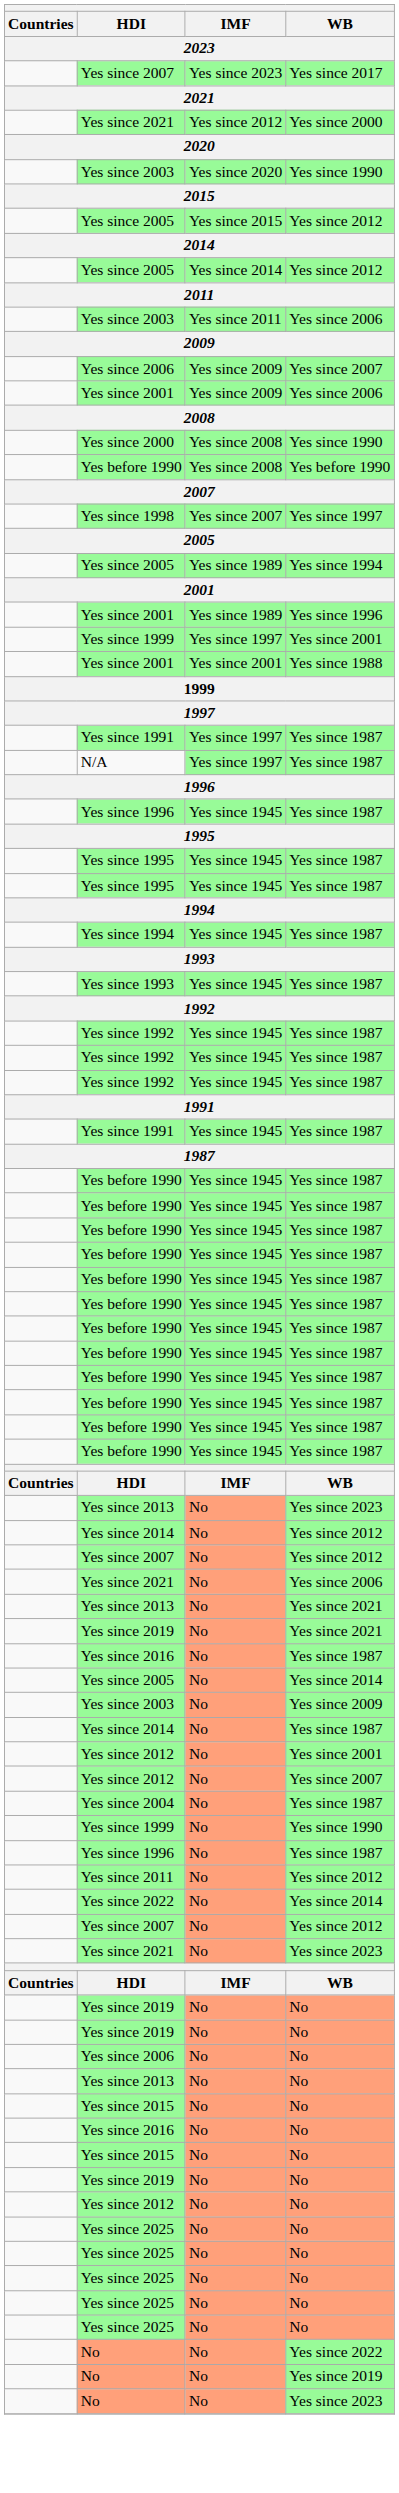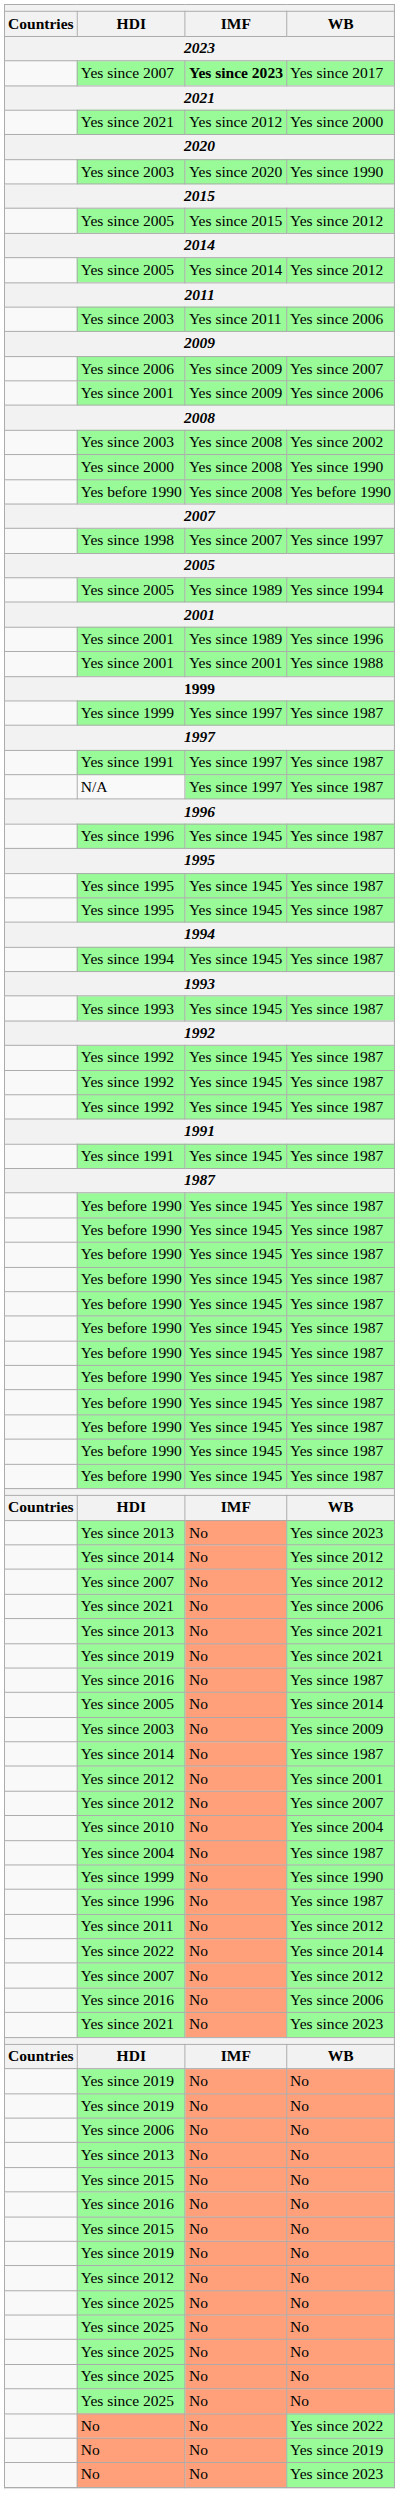 <table class="wikitable mw-collapsible" style="margin-right:auto; margin-right: auto">
 <tr>
 <th colspan="4"></th>
 </tr>
 <tr>
 <th>Countries</th>
 <th>HDI</th>
 <th>IMF</th>
 <th>WB</th>
 </tr>
 <tr>
 <th colspan="4"><em>2023</em></th>
 </tr>
 <tr>
 <td style="text-align:left;"></td>
 <td style="background:#98fb98;">Yes since 2007</td>
-<td style="background:#98fb98;">Yes since 2023</td>
+<td style="background:#98fb98;"><strong>Yes since 2023</strong></td>
 <td style="background:#98fb98;">Yes since 2017</td>
 </tr>
 <tr>
 <th colspan="4"><em>2021</em></th>
 </tr>
 <tr>
 <td style="text-align:left;"></td>
 <td style="background:#98fb98;">Yes since 2021</td>
 <td style="background:#98fb98;">Yes since 2012</td>
 <td style="background:#98fb98;">Yes since 2000</td>
 </tr>
 <tr>
 <th colspan="4"><em>2020</em></th>
 </tr>
 <tr>
 <td style="text-align:left;"></td>
 <td style="background:#98fb98;">Yes since 2003</td>
 <td style="background:#98fb98;">Yes since 2020</td>
 <td style="background:#98fb98;">Yes since 1990</td>
 </tr>
 <tr>
 <th colspan="4"><em>2015</em></th>
 </tr>
 <tr>
 <td style="text-align:left;"></td>
 <td style="background:#98fb98;">Yes since 2005</td>
 <td style="background:#98fb98;">Yes since 2015</td>
 <td style="background:#98fb98;">Yes since 2012</td>
 </tr>
 <tr>
 <th colspan="4"><em>2014</em></th>
 </tr>
 <tr>
 <td style="text-align:left;"></td>
 <td style="background:#98fb98;">Yes since 2005</td>
 <td style="background:#98fb98;">Yes since 2014</td>
 <td style="background:#98fb98;">Yes since 2012</td>
 </tr>
 <tr>
 <th colspan="4"><em>2011</em></th>
 </tr>
 <tr>
 <td style="text-align:left;"></td>
 <td style="background:#98fb98;">Yes since 2003</td>
 <td style="background:#98fb98;">Yes since 2011</td>
 <td style="background:#98fb98;">Yes since 2006</td>
 </tr>
 <tr>
 <th colspan="4"><em>2009</em></th>
 </tr>
 <tr>
 <td style="text-align:left;"></td>
 <td style="background:#98fb98;">Yes since 2006</td>
 <td style="background:#98fb98;">Yes since 2009</td>
 <td style="background:#98fb98;">Yes since 2007</td>
 </tr>
 <tr>
 <td style="text-align:left;"></td>
 <td style="background:#98fb98;">Yes since 2001</td>
 <td style="background:#98fb98;">Yes since 2009</td>
 <td style="background:#98fb98;">Yes since 2006</td>
 </tr>
 <tr>
 <th colspan="4"><em>2008</em></th>
 </tr>
 <tr>
 <td style="text-align:left;"></td>
+<td style="background:#98fb98;">Yes since 2003</td>
+<td style="background:#98fb98;">Yes since 2008</td>
+<td style="background:#98fb98;">Yes since 2002</td>
+</tr>
+<tr>
+<td style="text-align:left;"></td>
 <td style="background:#98fb98;">Yes since 2000</td>
 <td style="background:#98fb98;">Yes since 2008</td>
 <td style="background:#98fb98;">Yes since 1990</td>
 </tr>
 <tr>
 <td style="text-align:left;"></td>
 <td style="background:#98fb98;">Yes before 1990</td>
 <td style="background:#98fb98;">Yes since 2008</td>
 <td style="background:#98fb98;">Yes before 1990</td>
 </tr>
 <tr>
 <th colspan="4"><em>2007</em></th>
 </tr>
 <tr>
 <td style="text-align:left;"></td>
 <td style="background:#98fb98;">Yes since 1998</td>
 <td style="background:#98fb98;">Yes since 2007</td>
 <td style="background:#98fb98;">Yes since 1997</td>
 </tr>
 <tr>
 <th colspan="4"><em>2005</em></th>
 </tr>
 <tr>
 <td style="text-align:left;"></td>
 <td style="background:#98fb98;">Yes since 2005</td>
 <td style="background:#98fb98;">Yes since 1989</td>
 <td style="background:#98fb98;">Yes since 1994</td>
 </tr>
 <tr>
 <th colspan="4"><em>2001</em></th>
 </tr>
 <tr>
 <td style="text-align:left;"></td>
 <td style="background:#98fb98;">Yes since 2001</td>
 <td style="background:#98fb98;">Yes since 1989</td>
 <td style="background:#98fb98;">Yes since 1996</td>
 </tr>
 <tr>
 <td style="text-align:left;"></td>
-<td style="background:#98fb98;">Yes since 1999</td>
-<td style="background:#98fb98;">Yes since 1997</td>
-<td style="background:#98fb98;">Yes since 2001</td>
-</tr>
-<tr>
-<td style="text-align:left;"></td>
 <td style="background:#98fb98;">Yes since 2001</td>
 <td style="background:#98fb98;">Yes since 2001</td>
 <td style="background:#98fb98;">Yes since 1988</td>
 </tr>
 <tr>
 <th colspan="4">1999</th>
+</tr>
+<tr>
+<td style="text-align:left;"></td>
+<td style="background:#98fb98;">Yes since 1999</td>
+<td style="background:#98fb98;">Yes since 1997</td>
+<td style="background:#98fb98;">Yes since 1987</td>
 </tr>
 <tr>
 <th colspan="4"><em>1997</em></th>
 </tr>
 <tr>
 <td style="text-align:left;"></td>
 <td style="background:#98fb98;">Yes since 1991</td>
 <td style="background:#98fb98;">Yes since 1997</td>
 <td style="background:#98fb98;">Yes since 1987</td>
 </tr>
 <tr>
 <td style="text-align:left;"></td>
 <td>N/A</td>
 <td style="background:#98fb98;">Yes since 1997</td>
 <td style="background:#98fb98;">Yes since 1987</td>
 </tr>
 <tr>
 <th colspan="4"><em>1996</em></th>
 </tr>
 <tr>
 <td style="text-align:left;"></td>
 <td style="background:#98fb98;">Yes since 1996</td>
 <td style="background:#98fb98;">Yes since 1945</td>
 <td style="background:#98fb98;">Yes since 1987</td>
 </tr>
 <tr>
 <th colspan="4"><em>1995</em></th>
 </tr>
 <tr>
 <td style="text-align:left;"></td>
 <td style="background:#98fb98;">Yes since 1995</td>
 <td style="background:#98fb98;">Yes since 1945</td>
 <td style="background:#98fb98;">Yes since 1987</td>
 </tr>
 <tr>
 <td style="text-align:left;"></td>
 <td style="background:#98fb98;">Yes since 1995</td>
 <td style="background:#98fb98;">Yes since 1945</td>
 <td style="background:#98fb98;">Yes since 1987</td>
 </tr>
 <tr>
 <th colspan="4"><em>1994</em></th>
 </tr>
 <tr>
 <td style="text-align:left;"></td>
 <td style="background:#98fb98;">Yes since 1994</td>
 <td style="background:#98fb98;">Yes since 1945</td>
 <td style="background:#98fb98;">Yes since 1987</td>
 </tr>
 <tr>
 <th colspan="4"><em>1993</em></th>
 </tr>
 <tr>
 <td style="text-align:left;"></td>
 <td style="background:#98fb98;">Yes since 1993</td>
 <td style="background:#98fb98;">Yes since 1945</td>
 <td style="background:#98fb98;">Yes since 1987</td>
 </tr>
 <tr>
 <th colspan="4"><em>1992</em></th>
 </tr>
 <tr>
 <td style="text-align:left;"></td>
 <td style="background:#98fb98;">Yes since 1992</td>
 <td style="background:#98fb98;">Yes since 1945</td>
 <td style="background:#98fb98;">Yes since 1987</td>
 </tr>
 <tr>
 <td style="text-align:left;"></td>
 <td style="background:#98fb98;">Yes since 1992</td>
 <td style="background:#98fb98;">Yes since 1945</td>
 <td style="background:#98fb98;">Yes since 1987</td>
 </tr>
 <tr>
 <td style="text-align:left;"></td>
 <td style="background:#98fb98;">Yes since 1992</td>
 <td style="background:#98fb98;">Yes since 1945</td>
 <td style="background:#98fb98;">Yes since 1987</td>
 </tr>
 <tr>
 <th colspan="4"><em>1991</em></th>
 </tr>
 <tr>
 <td style="text-align:left;"></td>
 <td style="background:#98fb98;">Yes since 1991</td>
 <td style="background:#98fb98;">Yes since 1945</td>
 <td style="background:#98fb98;">Yes since 1987</td>
 </tr>
 <tr>
 <th colspan="4"><em>1987</em></th>
 </tr>
 <tr>
 <td style="text-align:left;"></td>
 <td style="background:#98fb98;">Yes before 1990</td>
 <td style="background:#98fb98;">Yes since 1945</td>
 <td style="background:#98fb98;">Yes since 1987</td>
 </tr>
 <tr>
 <td style="text-align:left;"></td>
 <td style="background:#98fb98;">Yes before 1990</td>
 <td style="background:#98fb98;">Yes since 1945</td>
 <td style="background:#98fb98;">Yes since 1987</td>
 </tr>
 <tr>
 <td style="text-align:left;"></td>
 <td style="background:#98fb98;">Yes before 1990</td>
 <td style="background:#98fb98;">Yes since 1945</td>
 <td style="background:#98fb98;">Yes since 1987</td>
 </tr>
 <tr>
 <td style="text-align:left;"></td>
 <td style="background:#98fb98;">Yes before 1990</td>
 <td style="background:#98fb98;">Yes since 1945</td>
 <td style="background:#98fb98;">Yes since 1987</td>
 </tr>
 <tr>
 <td style="text-align:left;"></td>
 <td style="background:#98fb98;">Yes before 1990</td>
 <td style="background:#98fb98;">Yes since 1945</td>
 <td style="background:#98fb98;">Yes since 1987</td>
 </tr>
 <tr>
 <td style="text-align:left;"></td>
 <td style="background:#98fb98;">Yes before 1990</td>
 <td style="background:#98fb98;">Yes since 1945</td>
 <td style="background:#98fb98;">Yes since 1987</td>
 </tr>
 <tr>
 <td style="text-align:left;"></td>
 <td style="background:#98fb98;">Yes before 1990</td>
 <td style="background:#98fb98;">Yes since 1945</td>
 <td style="background:#98fb98;">Yes since 1987</td>
 </tr>
 <tr>
 <td style="text-align:left;"></td>
 <td style="background:#98fb98;">Yes before 1990</td>
 <td style="background:#98fb98;">Yes since 1945</td>
 <td style="background:#98fb98;">Yes since 1987</td>
 </tr>
 <tr>
 <td style="text-align:left;"></td>
 <td style="background:#98fb98;">Yes before 1990</td>
 <td style="background:#98fb98;">Yes since 1945</td>
 <td style="background:#98fb98;">Yes since 1987</td>
 </tr>
 <tr>
 <td style="text-align:left;"></td>
 <td style="background:#98fb98;">Yes before 1990</td>
 <td style="background:#98fb98;">Yes since 1945</td>
 <td style="background:#98fb98;">Yes since 1987</td>
 </tr>
 <tr>
 <td style="text-align:left;"></td>
 <td style="background:#98fb98;">Yes before 1990</td>
 <td style="background:#98fb98;">Yes since 1945</td>
 <td style="background:#98fb98;">Yes since 1987</td>
 </tr>
 <tr>
 <td style="text-align:left;"></td>
 <td style="background:#98fb98;">Yes before 1990</td>
 <td style="background:#98fb98;">Yes since 1945</td>
 <td style="background:#98fb98;">Yes since 1987</td>
 </tr>
 <tr>
 <th colspan="4"></th>
 </tr>
 <tr>
 <th>Countries</th>
 <th>HDI</th>
 <th>IMF</th>
 <th>WB</th>
 </tr>
 <tr>
 <td style="text-align:left;"></td>
 <td style="background:#98fb98;">Yes since 2013</td>
 <td style="background:#ffa07a;">No</td>
 <td style="background:#98fb98;">Yes since 2023</td>
 </tr>
 <tr>
 <td></td>
 <td style="background:#98fb98;">Yes since 2014</td>
 <td style="background:#ffa07a;">No</td>
 <td style="background:#98fb98;">Yes since 2012</td>
 </tr>
 <tr>
 <td style="text-align:left;"></td>
 <td style="background:#98fb98;">Yes since 2007</td>
 <td style="background:#ffa07a;">No</td>
 <td style="background:#98fb98;">Yes since 2012</td>
 </tr>
 <tr>
 <td style="text-align:left;"></td>
 <td style="background:#98fb98;">Yes since 2021</td>
 <td style="background:#ffa07a;">No</td>
 <td style="background:#98fb98;">Yes since 2006</td>
 </tr>
 <tr>
 <td style="text-align:left;"></td>
 <td style="background:#98fb98;">Yes since 2013</td>
 <td style="background:#ffa07a;">No</td>
 <td style="background:#98fb98;">Yes since 2021</td>
 </tr>
 <tr>
 <td></td>
 <td style="background:#98fb98;">Yes since 2019</td>
 <td style="background:#ffa07a;">No</td>
 <td style="background:#98fb98;">Yes since 2021</td>
 </tr>
 <tr>
 <td style="text-align:left;"></td>
 <td style="background:#98fb98;">Yes since 2016</td>
 <td style="background:#ffa07a;">No</td>
 <td style="background:#98fb98;">Yes since 1987</td>
 </tr>
 <tr>
 <td style="text-align:left;"></td>
 <td style="background:#98fb98;">Yes since 2005</td>
 <td style="background:#ffa07a;">No</td>
 <td style="background:#98fb98;">Yes since 2014</td>
 </tr>
 <tr>
 <td style="text-align:left;"></td>
 <td style="background:#98fb98;">Yes since 2003</td>
 <td style="background:#ffa07a;">No</td>
 <td style="background:#98fb98;">Yes since 2009</td>
 </tr>
 <tr>
 <td style="text-align:left;"></td>
 <td style="background:#98fb98;">Yes since 2014</td>
 <td style="background:#ffa07a;">No</td>
 <td style="background:#98fb98;">Yes since 1987</td>
 </tr>
 <tr>
 <td style="text-align:left;"></td>
 <td style="background:#98fb98;">Yes since 2012</td>
 <td style="background:#ffa07a;">No</td>
 <td style="background:#98fb98;">Yes since 2001</td>
 </tr>
 <tr>
 <td style="text-align:left;"></td>
 <td style="background:#98fb98;">Yes since 2012</td>
 <td style="background:#ffa07a;">No</td>
 <td style="background:#98fb98;">Yes since 2007</td>
 </tr>
 <tr>
 <td style="text-align:left;"></td>
+<td style="background:#98fb98;">Yes since 2010</td>
+<td style="background:#ffa07a;">No</td>
+<td style="background:#98fb98;">Yes since 2004</td>
+</tr>
+<tr>
+<td style="text-align:left;"></td>
 <td style="background:#98fb98;">Yes since 2004</td>
 <td style="background:#ffa07a;">No</td>
 <td style="background:#98fb98;">Yes since 1987</td>
 </tr>
 <tr>
 <td style="text-align:left;"></td>
 <td style="background:#98fb98;">Yes since 1999</td>
 <td style="background:#ffa07a;">No</td>
 <td style="background:#98fb98;">Yes since 1990</td>
 </tr>
 <tr>
 <td style="text-align:left;"></td>
 <td style="background:#98fb98;">Yes since 1996</td>
 <td style="background:#ffa07a;">No</td>
 <td style="background:#98fb98;">Yes since 1987</td>
 </tr>
 <tr>
 <td style="text-align:left;"></td>
 <td style="background:#98fb98;">Yes since 2011</td>
 <td style="background:#ffa07a;">No</td>
 <td style="background:#98fb98;">Yes since 2012</td>
 </tr>
 <tr>
 <td style="text-align:left;"></td>
 <td style="background:#98fb98;">Yes since 2022</td>
 <td style="background:#ffa07a;">No</td>
 <td style="background:#98fb98;">Yes since 2014</td>
 </tr>
 <tr>
 <td></td>
 <td style="background:#98fb98;">Yes since 2007</td>
 <td style="background:#ffa07a;">No</td>
 <td style="background:#98fb98;">Yes since 2012</td>
+</tr>
+<tr>
+<td></td>
+<td style="background:#98fb98;">Yes since 2016</td>
+<td style="background:#ffa07a;">No</td>
+<td style="background:#98fb98;">Yes since 2006</td>
 </tr>
 <tr>
 <td></td>
 <td style="background:#98fb98;">Yes since 2021</td>
 <td style="background:#ffa07a;">No</td>
 <td style="background:#98fb98;">Yes since 2023</td>
 </tr>
 <tr>
 <th colspan="4"></th>
 </tr>
 <tr>
 <th>Countries</th>
 <th>HDI</th>
 <th>IMF</th>
 <th>WB</th>
 </tr>
 <tr>
 <td style="text-align:left;"></td>
 <td style="background:#98fb98;">Yes since 2019</td>
 <td style="background:#ffa07a;">No</td>
 <td style="background:#ffa07a;">No</td>
 </tr>
 <tr>
 <td style="text-align:left;"></td>
 <td style="background:#98fb98;">Yes since 2019</td>
 <td style="background:#ffa07a;">No</td>
 <td style="background:#ffa07a;">No</td>
 </tr>
 <tr>
 <td style="text-align:left;"></td>
 <td style="background:#98fb98;">Yes since 2006</td>
 <td style="background:#ffa07a;">No</td>
 <td style="background:#ffa07a;">No</td>
 </tr>
 <tr>
 <td style="text-align:left;"></td>
 <td style="background:#98fb98;">Yes since 2013</td>
 <td style="background:#ffa07a;">No</td>
 <td style="background:#ffa07a;">No</td>
 </tr>
 <tr>
 <td style="text-align:left;"></td>
 <td style="background:#98fb98;">Yes since 2015</td>
 <td style="background:#ffa07a;">No</td>
 <td style="background:#ffa07a;">No</td>
 </tr>
 <tr>
 <td style="text-align:left;"></td>
 <td style="background:#98fb98;">Yes since 2016</td>
 <td style="background:#ffa07a;">No</td>
 <td style="background:#ffa07a;">No</td>
 </tr>
 <tr>
 <td style="text-align:left;"></td>
 <td style="background:#98fb98;">Yes since 2015</td>
 <td style="background:#ffa07a;">No</td>
 <td style="background:#ffa07a;">No</td>
 </tr>
 <tr>
 <td></td>
 <td style="background:#98fb98;">Yes since 2019</td>
 <td style="background:#ffa07a;">No</td>
 <td style="background:#ffa07a;">No</td>
 </tr>
 <tr>
 <td></td>
 <td style="background:#98fb98;">Yes since 2012</td>
 <td style="background:#ffa07a;">No</td>
 <td style="background:#ffa07a;">No</td>
 </tr>
 <tr>
 <td></td>
 <td style="background:#98fb98;">Yes since 2025</td>
 <td style="background:#ffa07a;">No</td>
 <td style="background:#ffa07a;">No</td>
 </tr>
 <tr>
 <td></td>
 <td style="background:#98fb98;">Yes since 2025</td>
 <td style="background:#ffa07a;">No</td>
 <td style="background:#ffa07a;">No</td>
 </tr>
 <tr>
 <td></td>
 <td style="background:#98fb98;">Yes since 2025</td>
 <td style="background:#ffa07a;">No</td>
 <td style="background:#ffa07a;">No</td>
 </tr>
 <tr>
 <td></td>
 <td style="background:#98fb98;">Yes since 2025</td>
 <td style="background:#ffa07a;">No</td>
 <td style="background:#ffa07a;">No</td>
 </tr>
 <tr>
 <td></td>
 <td style="background:#98fb98;">Yes since 2025</td>
 <td style="background:#ffa07a;">No</td>
 <td style="background:#ffa07a;">No</td>
 </tr>
 <tr>
 <td></td>
 <td style="background:#ffa07a;">No</td>
 <td style="background:#ffa07a;">No</td>
 <td style="background:#98fb98;">Yes since 2022</td>
 </tr>
 <tr>
 <td></td>
 <td style="background:#ffa07a;">No</td>
 <td style="background:#ffa07a;">No</td>
 <td style="background:#98fb98;">Yes since 2019</td>
 </tr>
 <tr>
 <td></td>
 <td style="background:#ffa07a;">No</td>
 <td style="background:#ffa07a;">No</td>
 <td style="background:#98fb98;">Yes since 2023</td>
 </tr>
 <tr>
 </tr>
 </table>
